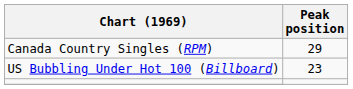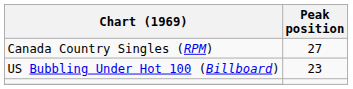 <table class="wikitable sortable">
 <tr>
 <th align="left">Chart (1969)</th>
 <th align="center">Peak<br>position</th>
 </tr>
 <tr>
 <td align="left">Canada Country Singles (<em><a href='#'>RPM</a></em>)</td>
-<td align="center">29</td>
+<td align="center">27</td>
 </tr>
 <tr>
 <td align="left">US <a href='#'>Bubbling Under Hot 100</a> (<em><a href='#'>Billboard</a></em>)</td>
 <td align="center">23</td>
 </tr>
 <tr>
 <td></td>
 </tr>
 <tr>
 </tr>
 </table>
